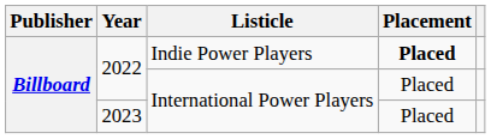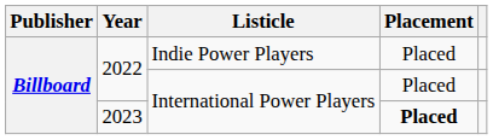 <table class="wikitable plainrowheaders sortable" style="text-align:center">
 <tr>
 <th scope="col">Publisher</th>
 <th scope="col">Year</th>
 <th scope="col">Listicle</th>
 <th scope="col">Placement</th>
 <th scope="col" class="unsortable"></th>
 </tr>
 <tr>
 <th scope="row" rowspan="3"><em><a href='#'>Billboard</a></em></th>
 <td rowspan="2">2022</td>
 <td style="text-align:left">Indie Power Players</td>
-<td><strong>Placed</strong></td>
+<td>Placed</td>
 <td></td>
 </tr>
 <tr>
 <td style="text-align:left" rowspan="2">International Power Players</td>
 <td>Placed</td>
 <td></td>
 </tr>
 <tr>
 <td>2023</td>
-<td>Placed</td>
+<td><strong>Placed</strong></td>
 <td></td>
 </tr>
 </table>
